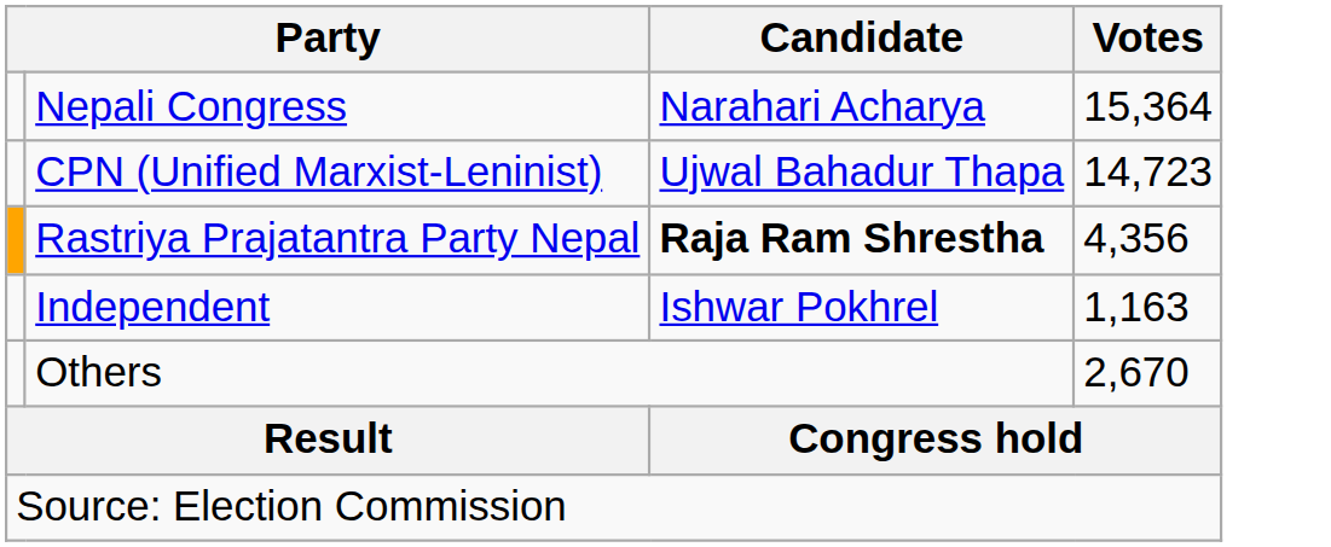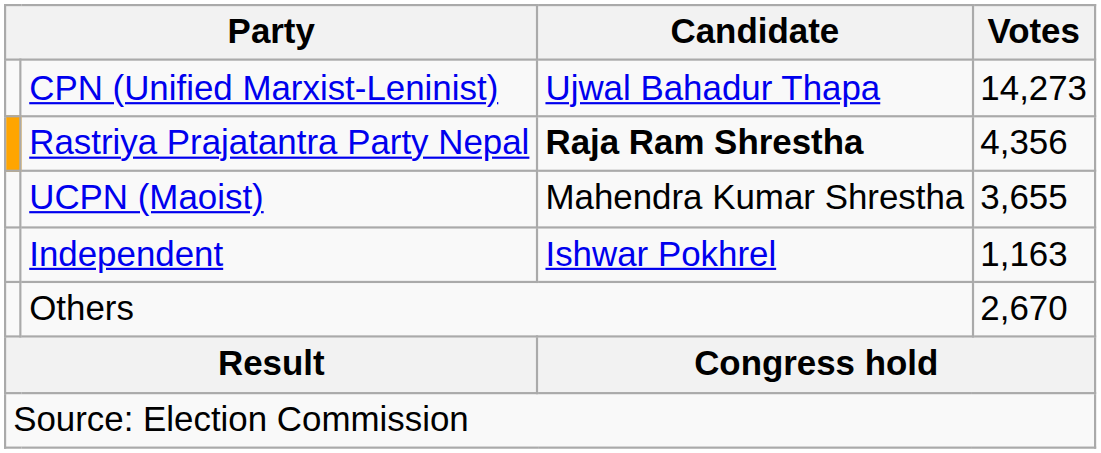 <table class="wikitable">
 <tr>
 <th colspan="2">Party</th>
 <th>Candidate</th>
 <th>Votes</th>
 </tr>
 <tr>
 <td style="background-color:"></td>
-<td><a href='#'>Nepali Congress</a></td>
-<td><a href='#'>Narahari Acharya</a></td>
-<td>15,364</td>
-</tr>
-<tr>
-<td style="background-color:"></td>
 <td><a href='#'>CPN (Unified Marxist-Leninist)</a></td>
 <td><a href='#'>Ujwal Bahadur Thapa</a></td>
-<td>14,723</td>
+<td>14,273</td>
 </tr>
 <tr>
 <td style="background-color:orange"></td>
 <td><a href='#'>Rastriya Prajatantra Party Nepal</a></td>
 <td><strong>Raja Ram Shrestha</strong></td>
 <td>4,356</td>
+</tr>
+<tr>
+<td style="background-color:"></td>
+<td><a href='#'>UCPN (Maoist)</a></td>
+<td>Mahendra Kumar Shrestha</td>
+<td>3,655</td>
 </tr>
 <tr>
 <td style="background-color:"></td>
 <td><a href='#'>Independent</a></td>
 <td><a href='#'>Ishwar Pokhrel</a></td>
 <td>1,163</td>
 </tr>
 <tr>
 <td></td>
 <td colspan="2">Others</td>
 <td>2,670</td>
 </tr>
 <tr>
 <th colspan="2">Result</th>
 <th colspan="2">Congress hold</th>
 </tr>
 <tr>
 <td colspan="4">Source: Election Commission</td>
 </tr>
 </table>
